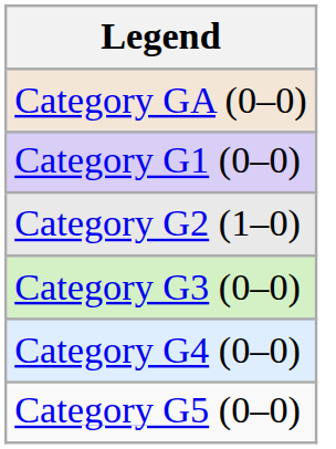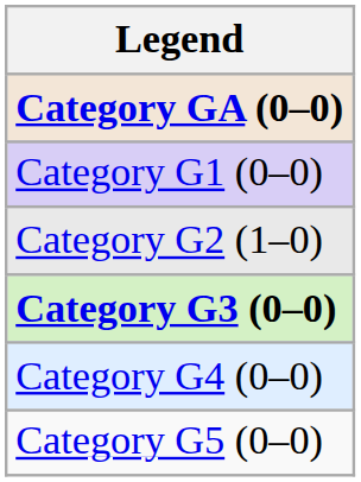 <table class="sortable wikitable" style=font-size:90%>
 <tr>
 <th>Legend</th>
 </tr>
 <tr style="background:#F3E6D7">
-<td><a href='#'>Category GA</a> (0–0)</td>
+<td><strong><a href='#'>Category GA</a> (0–0)</strong></td>
 </tr>
 <tr style="background:#d8cef6">
 <td><a href='#'>Category G1</a> (0–0)</td>
 </tr>
 <tr style="background:#e9e9e9">
 <td><a href='#'>Category G2</a> (1–0)</td>
 </tr>
 <tr style="background:#D4F1C5">
-<td><a href='#'>Category G3</a> (0–0)</td>
+<td><strong><a href='#'>Category G3</a> (0–0)</strong></td>
 </tr>
 <tr style="background:#dfeeff">
 <td><a href='#'>Category G4</a> (0–0)</td>
 </tr>
 <tr>
 <td><a href='#'>Category G5</a> (0–0)</td>
 </tr>
 </table>
